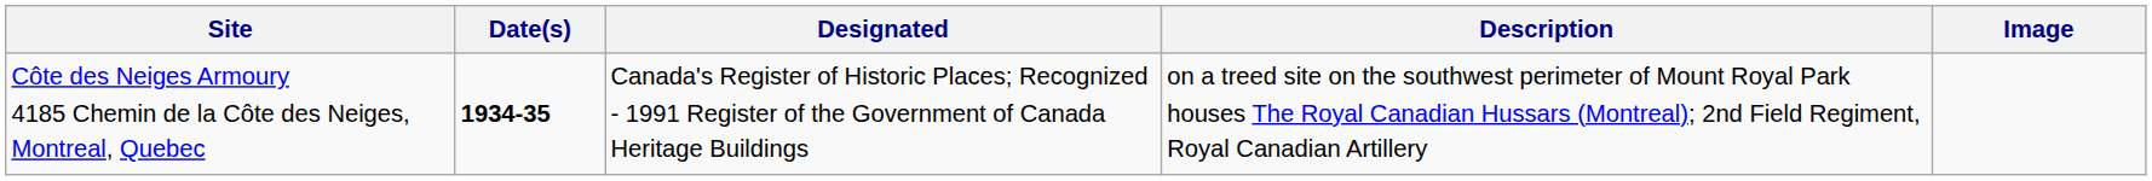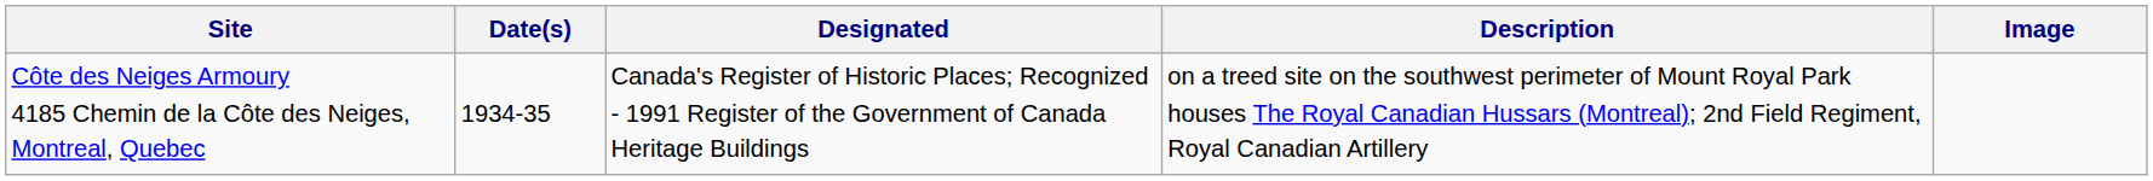 <table class="wikitable sortable" style="font-size:90%;width:100%;border:0px;text-align:left;line-height:150%;">
 <tr>
 <th style="background: #f2f2f2; color: #000080" width="21%">Site</th>
 <th style="background: #f2f2f2; color: #000080" width="7%">Date(s)</th>
 <th style="background: #f2f2f2; color: #000080" width="26%">Designated</th>
 <th style="background: #f2f2f2; color: #000080" width="36%" class="unsortable">Description</th>
 <th style="background: #f2f2f2; color: #000080" width="10%" class="unsortable">Image</th>
 </tr>
 <tr>
 <td><a href='#'>Côte des Neiges Armoury</a><br> 4185 Chemin de la Côte des Neiges, <a href='#'>Montreal</a>, <a href='#'>Quebec</a></td>
-<td><strong>1934-35</strong></td>
+<td>1934-35</td>
 <td>Canada's Register of Historic Places; Recognized - 1991 Register of the Government of Canada Heritage Buildings</td>
 <td>on a treed site on the southwest perimeter of Mount Royal Park houses <a href='#'>The Royal Canadian Hussars (Montreal)</a>; 2nd Field Regiment, Royal Canadian Artillery</td>
 <td></td>
 </tr>
 <tr>
 </tr>
 </table>
